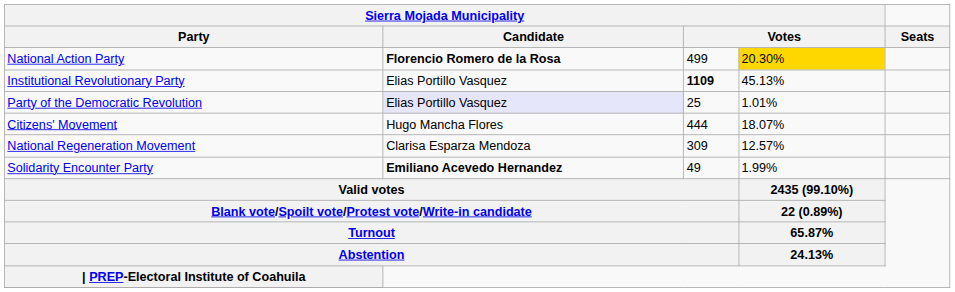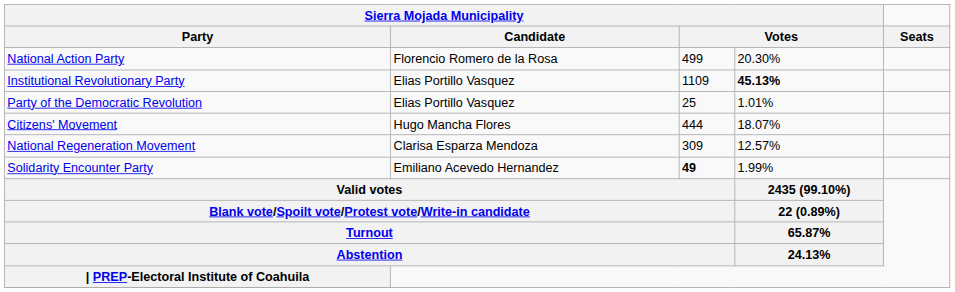 <table class="wikitable collapsible collapsed" style="font-size:95%; width:72%; line-height:126%; margin-bottom:0">
 <tr>
 <th Colspan = 4><strong><a href='#'>Sierra Mojada Municipality</a></strong></th>
 </tr>
 <tr style="background:#efefef;">
 <th Colspan = 1><strong>Party</strong></th>
 <th Colspan = 1><strong>Candidate</strong></th>
 <th Colspan = 2><strong>Votes</strong></th>
 <th Colspan = 1><strong>Seats</strong></th>
 </tr>
 <tr>
 <td> <a href='#'>National Action Party</a></td>
-<td><strong>Florencio Romero de la Rosa</strong></td>
+<td>Florencio Romero de la Rosa</td>
 <td>499</td>
-<td style="background: gold;">20.30%</td>
+<td>20.30%</td>
 <td></td>
 </tr>
 <tr>
 <td> <a href='#'>Institutional Revolutionary Party</a></td>
 <td>Elias Portillo Vasquez</td>
-<td><strong>1109</strong></td>
-<td>45.13%</td>
+<td>1109</td>
+<td><strong>45.13%</strong></td>
 <td></td>
 </tr>
 <tr>
 <td> <a href='#'>Party of the Democratic Revolution</a></td>
-<td style="background: lavender;">Elias Portillo Vasquez</td>
+<td>Elias Portillo Vasquez</td>
 <td>25</td>
 <td>1.01%</td>
 <td></td>
 </tr>
 <tr>
 <td> <a href='#'>Citizens' Movement</a></td>
 <td>Hugo Mancha Flores</td>
 <td>444</td>
 <td>18.07%</td>
 <td></td>
 </tr>
 <tr>
 <td> <a href='#'>National Regeneration Movement</a></td>
 <td>Clarisa Esparza Mendoza</td>
 <td>309</td>
 <td>12.57%</td>
 <td></td>
 </tr>
 <tr>
 <td> <a href='#'>Solidarity Encounter Party</a></td>
-<td><strong>Emiliano Acevedo Hernandez</strong></td>
-<td>49</td>
+<td>Emiliano Acevedo Hernandez</td>
+<td><strong>49</strong></td>
 <td>1.99%</td>
 <td></td>
 </tr>
 <tr>
 <th Colspan = 3><strong>Valid votes</strong></th>
 <th>2435 (99.10%)</th>
 </tr>
 <tr>
 <th Colspan = 3><strong><a href='#'>Blank vote</a>/<a href='#'>Spoilt vote</a>/<a href='#'>Protest vote</a>/<a href='#'>Write-in candidate</a></strong></th>
 <th>22 (0.89%)</th>
 </tr>
 <tr>
 <th Colspan = 3><strong><a href='#'>Turnout</a></strong></th>
 <th>65.87%</th>
 </tr>
 <tr>
 <th Colspan = 3><strong><a href='#'>Abstention</a></strong></th>
 <th>24.13%</th>
 </tr>
 <tr>
 <th Colspan =>| <a href='#'>PREP</a>-Electoral Institute of Coahuila</th>
 </tr>
 <tr>
 </tr>
 </table>
